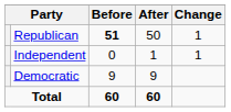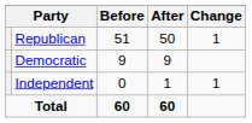 <table class="wikitable" style="text-align:center;">
 <tr>
 </tr>
 <tr>
 <th colspan=2>Party</th>
 <th>Before</th>
 <th>After</th>
 <th>Change</th>
 </tr>
 <tr>
 <th style="background-color:"></th>
 <td style="text-align:left;"><a href='#'>Republican</a></td>
-<td><strong>51</strong></td>
+<td>51</td>
 <td>50</td>
-<td> 1</td>
-</tr>
-<tr>
-<th style="background-color:"></th>
-<td style="text-align:left;"><a href='#'>Independent</a></td>
-<td>0</td>
-<td>1</td>
 <td> 1</td>
 </tr>
 <tr>
 <th style="background-color:"></th>
 <td style="text-align:left;"><a href='#'>Democratic</a></td>
 <td>9</td>
 <td>9</td>
 <td></td>
 </tr>
 <tr>
+<th style="background-color:"></th>
+<td style="text-align:left;"><a href='#'>Independent</a></td>
+<td>0</td>
+<td>1</td>
+<td> 1</td>
+</tr>
+<tr>
 <td colspan=2><strong>Total</strong></td>
 <td><strong>60</strong></td>
 <td><strong>60</strong></td>
 <td></td>
 </tr>
 </table>
